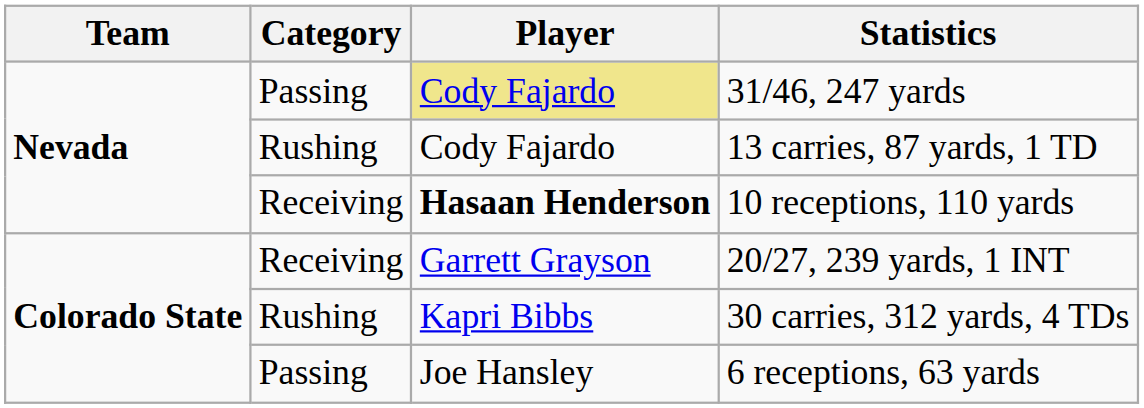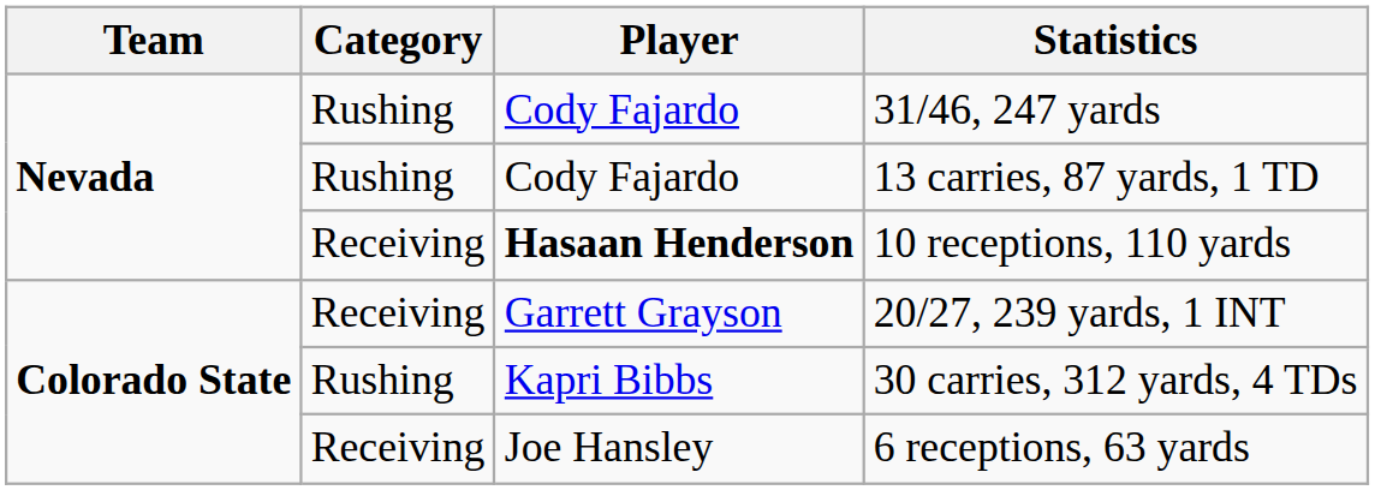 <table class="wikitable" style="float: left;">
 <tr>
 <th>Team</th>
 <th>Category</th>
 <th>Player</th>
 <th>Statistics</th>
 </tr>
 <tr>
 <td rowspan=3><strong>Nevada</strong></td>
-<td>Passing</td>
-<td style="background: khaki;"><a href='#'>Cody Fajardo</a></td>
+<td>Rushing</td>
+<td><a href='#'>Cody Fajardo</a></td>
 <td>31/46, 247 yards</td>
 </tr>
 <tr>
 <td>Rushing</td>
 <td>Cody Fajardo</td>
 <td>13 carries, 87 yards, 1 TD</td>
 </tr>
 <tr>
 <td>Receiving</td>
 <td><strong>Hasaan Henderson</strong></td>
 <td>10 receptions, 110 yards</td>
 </tr>
 <tr>
 <td rowspan=3><strong>Colorado State</strong></td>
 <td>Receiving</td>
 <td><a href='#'>Garrett Grayson</a></td>
 <td>20/27, 239 yards, 1 INT</td>
 </tr>
 <tr>
 <td>Rushing</td>
 <td><a href='#'>Kapri Bibbs</a></td>
 <td>30 carries, 312 yards, 4 TDs</td>
 </tr>
 <tr>
-<td>Passing</td>
+<td>Receiving</td>
 <td>Joe Hansley</td>
 <td>6 receptions, 63 yards</td>
 </tr>
 </table>
